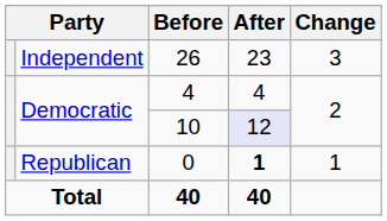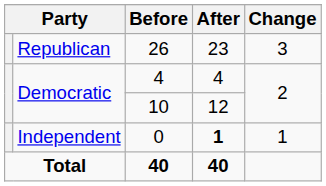 <table class="wikitable" style="text-align:center;">
 <tr>
 </tr>
 <tr>
 <th colspan=2>Party</th>
 <th>Before</th>
 <th>After</th>
 <th>Change</th>
 </tr>
 <tr>
 <th style="background-color:"></th>
-<td style="text-align:left;"><a href='#'>Independent</a></td>
+<td style="text-align:left;"><a href='#'>Republican</a></td>
 <td>26</td>
 <td>23</td>
 <td> 3</td>
 </tr>
 <tr>
 <th rowspan=2 style="background-color:"></th>
 <td rowspan=2 style="text-align:left;"><a href='#'>Democratic</a></td>
 <td>4</td>
 <td>4</td>
 <td rowspan=2> 2</td>
 </tr>
 <tr>
 <td>10</td>
-<td style="background: lavender;">12</td>
+<td>12</td>
 </tr>
 <tr>
 <th style="background-color:"></th>
-<td style="text-align:left;"><a href='#'>Republican</a></td>
+<td style="text-align:left;"><a href='#'>Independent</a></td>
 <td>0</td>
 <td><strong>1</strong></td>
 <td> 1</td>
 </tr>
 <tr>
 <td colspan=2><strong>Total</strong></td>
 <td><strong>40</strong></td>
 <td><strong>40</strong></td>
 <td></td>
 </tr>
 </table>
